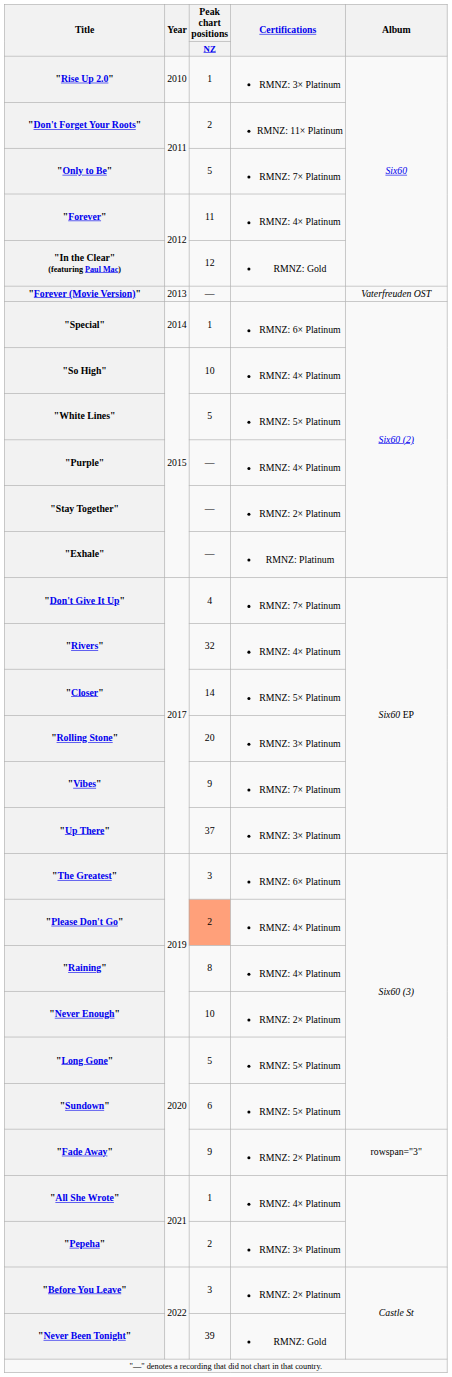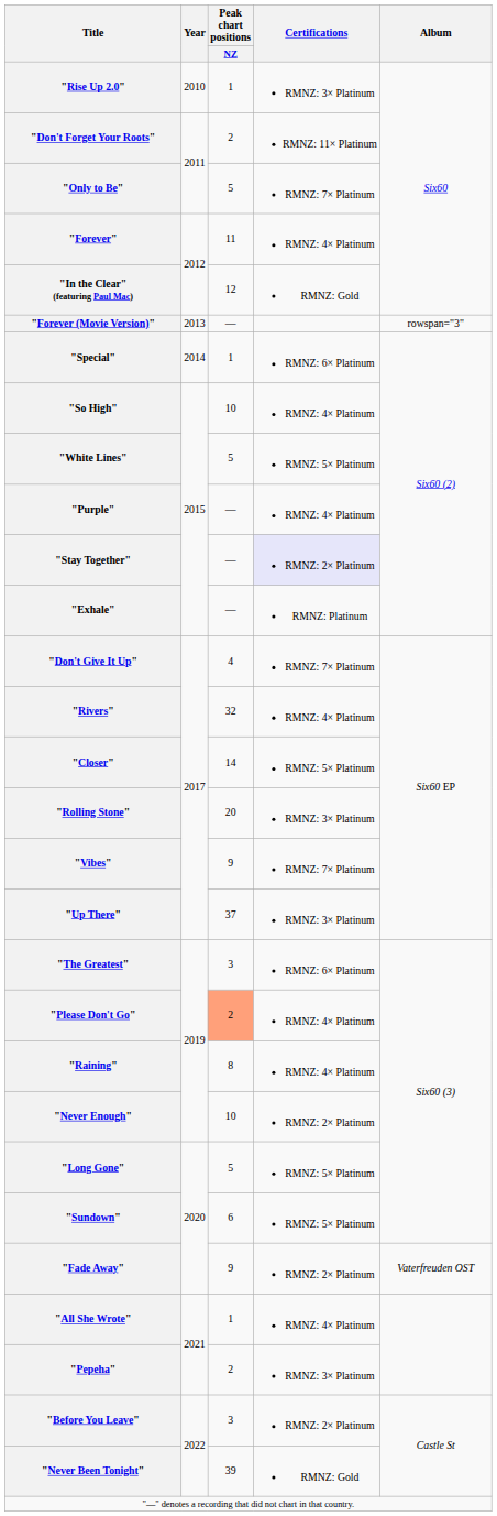 <table class="wikitable plainrowheaders" style="text-align:center;">
 <tr>
 <th scope="col" rowspan="2" style="width:16em;">Title</th>
 <th scope="col" rowspan="2" style="width:1em;">Year</th>
 <th scope="col" colspan="1">Peak chart positions</th>
 <th scope="col" rowspan="2"><a href='#'>Certifications</a></th>
 <th scope="col" rowspan="2" style="width:10em;">Album</th>
 </tr>
 <tr>
 <th scope="col" style="width:3em;font-size:90%;"><a href='#'>NZ</a><br></th>
 </tr>
 <tr>
 <th scope="row">"<a href='#'>Rise Up 2.0</a>"</th>
 <td>2010</td>
 <td>1</td>
 <td><br><ul><li>RMNZ: 3× Platinum</li></ul></td>
 <td rowspan="5"><em><a href='#'>Six60</a></em></td>
 </tr>
 <tr>
 <th scope="row">"<a href='#'>Don't Forget Your Roots</a>"</th>
 <td rowspan="2">2011</td>
 <td>2</td>
 <td><br><ul><li>RMNZ: 11× Platinum</li></ul></td>
 </tr>
 <tr>
 <th scope="row">"<a href='#'>Only to Be</a>"</th>
 <td>5</td>
 <td><br><ul><li>RMNZ: 7× Platinum</li></ul></td>
 </tr>
 <tr>
 <th scope="row">"<a href='#'>Forever</a>"</th>
 <td rowspan="2">2012</td>
 <td>11</td>
 <td><br><ul><li>RMNZ: 4× Platinum</li></ul></td>
 </tr>
 <tr>
 <th scope="row">"In the Clear"<br><small>(featuring <a href='#'>Paul Mac</a>)</small></th>
 <td>12</td>
 <td><br><ul><li>RMNZ: Gold</li></ul></td>
 </tr>
 <tr>
 <th scope="row">"<a href='#'>Forever (Movie Version)</a>"</th>
 <td>2013</td>
 <td>—</td>
 <td></td>
-<td><em>Vaterfreuden OST</em></td>
+<td>rowspan="3" </td>
 </tr>
 <tr>
 <th scope="row">"Special"</th>
 <td>2014</td>
 <td>1</td>
 <td><br><ul><li>RMNZ: 6× Platinum</li></ul></td>
 <td rowspan="6"><em><a href='#'>Six60 (2)</a></em></td>
 </tr>
 <tr>
 <th scope="row">"So High"</th>
 <td rowspan="5">2015</td>
 <td>10</td>
 <td><br><ul><li>RMNZ: 4× Platinum</li></ul></td>
 </tr>
 <tr>
 <th scope="row">"White Lines"</th>
 <td>5</td>
 <td><br><ul><li>RMNZ: 5× Platinum</li></ul></td>
 </tr>
 <tr>
 <th scope="row">"Purple"</th>
 <td>—</td>
 <td><br><ul><li>RMNZ: 4× Platinum</li></ul></td>
 </tr>
 <tr>
 <th scope="row">"Stay Together"</th>
 <td>—</td>
-<td><br><ul><li>RMNZ: 2× Platinum</li></ul></td>
+<td style="background: lavender;"><br><ul><li>RMNZ: 2× Platinum</li></ul></td>
 </tr>
 <tr>
 <th scope="row">"Exhale"</th>
 <td>—</td>
 <td><br><ul><li>RMNZ: Platinum</li></ul></td>
 </tr>
 <tr>
 <th scope="row">"<a href='#'>Don't Give It Up</a>"</th>
 <td rowspan="6">2017</td>
 <td>4</td>
 <td><br><ul><li>RMNZ: 7× Platinum</li></ul></td>
 <td rowspan="6"><em>Six60</em> EP</td>
 </tr>
 <tr>
 <th scope="row">"<a href='#'>Rivers</a>"</th>
 <td>32</td>
 <td><br><ul><li>RMNZ: 4× Platinum</li></ul></td>
 </tr>
 <tr>
 <th scope="row">"<a href='#'>Closer</a>"</th>
 <td>14</td>
 <td><br><ul><li>RMNZ: 5× Platinum</li></ul></td>
 </tr>
 <tr>
 <th scope="row">"<a href='#'>Rolling Stone</a>"</th>
 <td>20</td>
 <td><br><ul><li>RMNZ: 3× Platinum</li></ul></td>
 </tr>
 <tr>
 <th scope="row">"<a href='#'>Vibes</a>"</th>
 <td>9</td>
 <td><br><ul><li>RMNZ: 7× Platinum</li></ul></td>
 </tr>
 <tr>
 <th scope="row">"<a href='#'>Up There</a>"</th>
 <td>37</td>
 <td><br><ul><li>RMNZ: 3× Platinum</li></ul></td>
 </tr>
 <tr>
 <th scope="row">"<a href='#'>The Greatest</a>"</th>
 <td rowspan="4">2019</td>
 <td>3</td>
 <td><br><ul><li>RMNZ: 6× Platinum</li></ul></td>
 <td rowspan="6"><em>Six60 (3)</em></td>
 </tr>
 <tr>
 <th scope="row">"<a href='#'>Please Don't Go</a>"</th>
 <td style="background: lightsalmon;">2</td>
 <td><br><ul><li>RMNZ: 4× Platinum</li></ul></td>
 </tr>
 <tr>
 <th scope="row">"<a href='#'>Raining</a>"</th>
 <td>8</td>
 <td><br><ul><li>RMNZ: 4× Platinum</li></ul></td>
 </tr>
 <tr>
 <th scope="row">"<a href='#'>Never Enough</a>"</th>
 <td>10</td>
 <td><br><ul><li>RMNZ: 2× Platinum</li></ul></td>
 </tr>
 <tr>
 <th scope="row">"<a href='#'>Long Gone</a>"</th>
 <td rowspan="3">2020</td>
 <td>5</td>
 <td><br><ul><li>RMNZ: 5× Platinum</li></ul></td>
 </tr>
 <tr>
 <th scope="row">"<a href='#'>Sundown</a>"</th>
 <td>6</td>
 <td><br><ul><li>RMNZ: 5× Platinum</li></ul></td>
 </tr>
 <tr>
 <th scope="row">"<a href='#'>Fade Away</a>"</th>
 <td>9</td>
 <td><br><ul><li>RMNZ: 2× Platinum</li></ul></td>
-<td>rowspan="3" </td>
+<td><em>Vaterfreuden OST</em></td>
 </tr>
 <tr>
 <th scope="row">"<a href='#'>All She Wrote</a>"</th>
 <td rowspan="2">2021</td>
 <td>1</td>
 <td><br><ul><li>RMNZ: 4× Platinum</li></ul></td>
 </tr>
 <tr>
 <th scope="row">"<a href='#'>Pepeha</a>"</th>
 <td>2</td>
 <td><br><ul><li>RMNZ: 3× Platinum</li></ul></td>
 </tr>
 <tr>
 <th scope="row">"<a href='#'>Before You Leave</a>"</th>
 <td rowspan="2">2022</td>
 <td>3</td>
 <td><br><ul><li>RMNZ: 2× Platinum</li></ul></td>
 <td rowspan="2"><em>Castle St</em></td>
 </tr>
 <tr>
 <th scope="row">"<a href='#'>Never Been Tonight</a>"</th>
 <td>39</td>
 <td><br><ul><li>RMNZ: Gold</li></ul></td>
 </tr>
 <tr>
 <td colspan="5" style="font-size:85%;">"—" denotes a recording that did not chart in that country.</td>
 </tr>
 </table>
